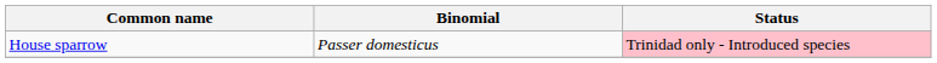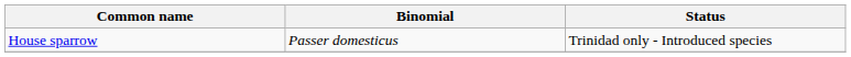 <table width=72% class="wikitable">
 <tr>
 <th width=24%>Common name</th>
 <th width=24%>Binomial</th>
 <th width=24%>Status</th>
 </tr>
 <tr>
 <td><a href='#'>House sparrow</a></td>
 <td><em>Passer domesticus</em></td>
-<td style="background: pink;">Trinidad only - Introduced species</td>
+<td>Trinidad only - Introduced species</td>
 </tr>
 <tr>
 </tr>
 </table>
